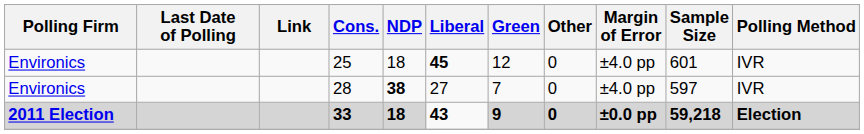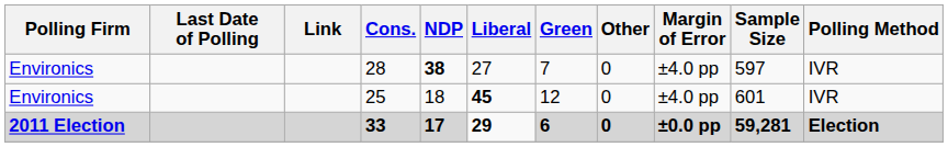 <table class="wikitable sortable">
 <tr style="background:#e9e9e9;">
 <th style="width:120px">Polling Firm</th>
 <th style="width:110px">Last Date<br>of Polling</th>
 <th style="width:60px" class="unsortable">Link</th>
 <th style="background-color:"><strong><a href='#'>Cons.</a></strong></th>
 <th style="background-color:"><strong><a href='#'>NDP</a></strong></th>
 <th style="background-color:"><strong><a href='#'>Liberal</a></strong></th>
 <th style="background-color:"><strong><a href='#'>Green</a></strong></th>
 <th style="background-color:"><strong>Other</strong></th>
 <th style="width:60px;" class=unsortable>Margin<br>of Error</th>
 <th style="width:50px;" class=unsortable>Sample<br>Size</th>
 <th class=unsortable>Polling Method</th>
 </tr>
 <tr>
 <td><a href='#'>Environics</a></td>
 <td></td>
 <td></td>
+<td>28</td>
+<td><strong>38</strong></td>
+<td>27</td>
+<td>7</td>
+<td>0</td>
+<td>±4.0 pp</td>
+<td>597</td>
+<td>IVR</td>
+</tr>
+<tr>
+<td><a href='#'>Environics</a></td>
+<td></td>
+<td></td>
 <td>25</td>
 <td>18</td>
 <td><strong>45</strong></td>
 <td>12</td>
 <td>0</td>
 <td>±4.0 pp</td>
 <td>601</td>
 <td>IVR</td>
 </tr>
 <tr>
-<td><a href='#'>Environics</a></td>
-<td></td>
-<td></td>
-<td>28</td>
-<td><strong>38</strong></td>
-<td>27</td>
-<td>7</td>
-<td>0</td>
-<td>±4.0 pp</td>
-<td>597</td>
-<td>IVR</td>
-</tr>
-<tr>
 <td style="background:#D5D5D5"><strong><a href='#'>2011 Election</a></strong></td>
 <td style="background:#D5D5D5"><strong></strong></td>
 <td style="background:#D5D5D5"></td>
 <td style="background:#D5D5D5"><strong>33</strong></td>
-<td style="background:#D5D5D5"><strong>18</strong></td>
-<td><strong>43</strong></td>
-<td style="background:#D5D5D5"><strong>9</strong></td>
+<td style="background:#D5D5D5"><strong>17</strong></td>
+<td><strong>29</strong></td>
+<td style="background:#D5D5D5"><strong>6</strong></td>
 <td style="background:#D5D5D5"><strong>0</strong></td>
 <td style="background:#D5D5D5"><strong>±0.0 pp</strong></td>
-<td style="background:#D5D5D5"><strong>59,218</strong></td>
+<td style="background:#D5D5D5"><strong>59,281</strong></td>
 <td style="background:#D5D5D5"><strong>Election</strong></td>
 </tr>
 <tr>
 </tr>
 <tr>
 </tr>
 </table>
